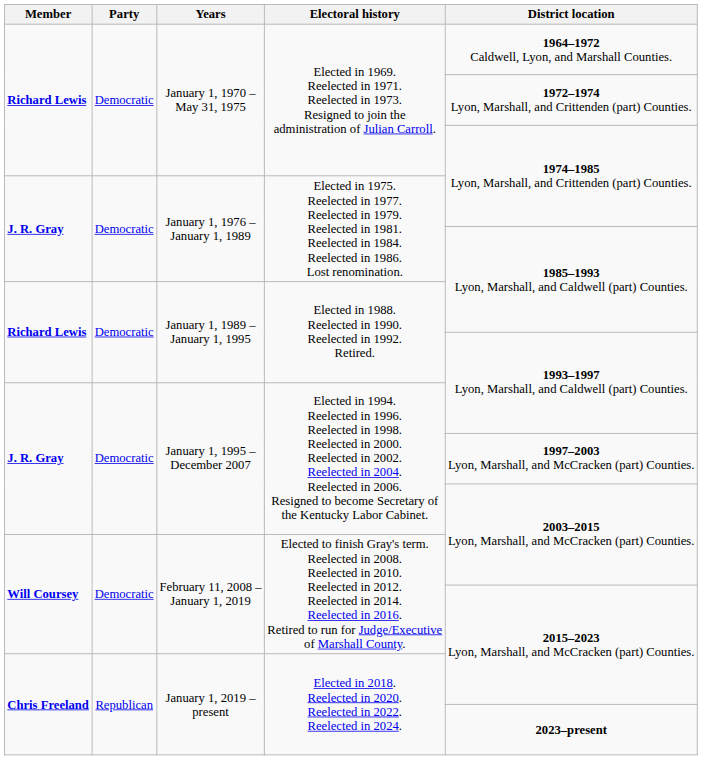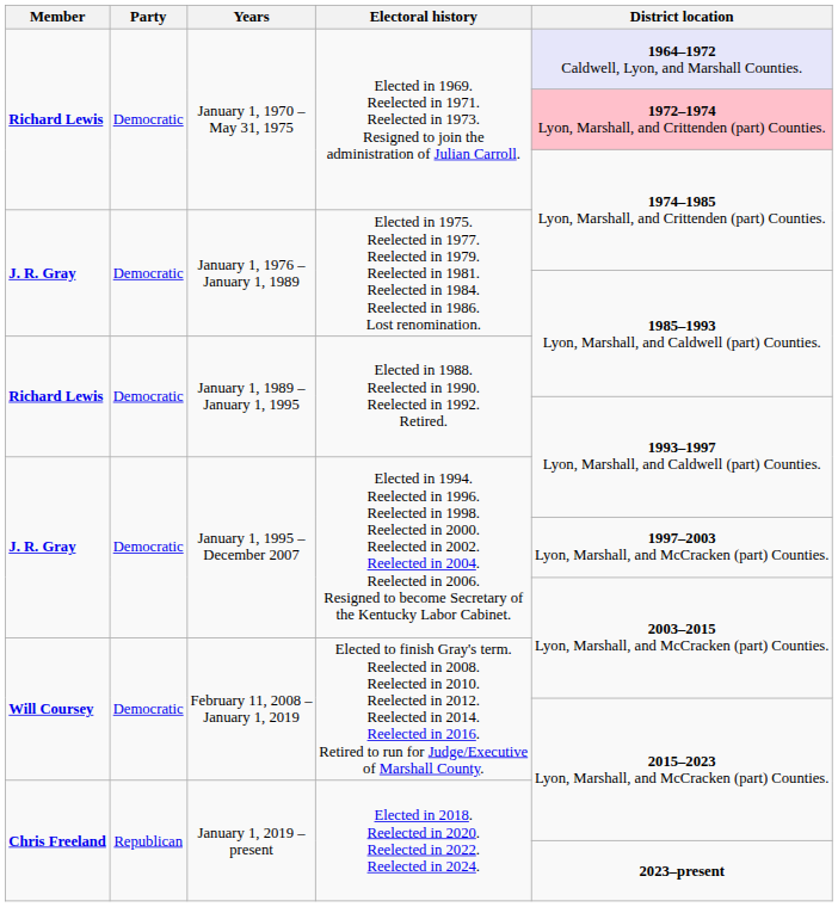 <table class=wikitable style="text-align:center">
 <tr>
 <th>Member</th>
 <th>Party</th>
 <th>Years</th>
 <th>Electoral history</th>
 <th>District location</th>
 </tr>
 <tr style="height:4em">
 <td rowspan=3 align=left><strong><a href='#'>Richard Lewis</a></strong><br></td>
 <td rowspan=3 ><a href='#'>Democratic</a></td>
 <td rowspan=3 nowrap>January 1, 1970 –<br>May 31, 1975</td>
 <td rowspan=3>Elected in 1969.<br>Reelected in 1971.<br>Reelected in 1973.<br>Resigned to join the<br>administration of <a href='#'>Julian Carroll</a>.</td>
-<td><strong>1964–1972</strong><br>Caldwell, Lyon, and Marshall Counties.</td>
+<td style="background: lavender;"><strong>1964–1972</strong><br>Caldwell, Lyon, and Marshall Counties.</td>
 </tr>
 <tr style="height:4em">
-<td><strong>1972–1974</strong><br>Lyon, Marshall, and Crittenden (part) Counties.</td>
+<td style="background: pink;"><strong>1972–1974</strong><br>Lyon, Marshall, and Crittenden (part) Counties.</td>
 </tr>
 <tr style="height:4em">
 <td rowspan=2><strong>1974–1985</strong><br>Lyon, Marshall, and Crittenden (part) Counties.</td>
 </tr>
 <tr style="height:4em">
 <td rowspan=2 align=left><strong><a href='#'>J. R. Gray</a></strong><br></td>
 <td rowspan=2 ><a href='#'>Democratic</a></td>
 <td rowspan=2 nowrap>January 1, 1976 –<br>January 1, 1989</td>
 <td rowspan=2>Elected in 1975.<br>Reelected in 1977.<br>Reelected in 1979.<br>Reelected in 1981.<br>Reelected in 1984.<br>Reelected in 1986.<br>Lost renomination.</td>
 </tr>
 <tr style="height:4em">
 <td rowspan=2><strong>1985–1993</strong><br>Lyon, Marshall, and Caldwell (part) Counties.</td>
 </tr>
 <tr style="height:4em">
 <td rowspan=2 align=left><strong><a href='#'>Richard Lewis</a></strong><br></td>
 <td rowspan=2 ><a href='#'>Democratic</a></td>
 <td rowspan=2 nowrap>January 1, 1989 –<br>January 1, 1995</td>
 <td rowspan=2>Elected in 1988.<br>Reelected in 1990.<br>Reelected in 1992.<br>Retired.</td>
 </tr>
 <tr style="height:4em">
 <td rowspan=2><strong>1993–1997</strong><br>Lyon, Marshall, and Caldwell (part) Counties.</td>
 </tr>
 <tr style="height:4em">
 <td rowspan=3 align=left><strong><a href='#'>J. R. Gray</a></strong><br></td>
 <td rowspan=3 ><a href='#'>Democratic</a></td>
 <td rowspan=3 nowrap>January 1, 1995 –<br>December 2007</td>
 <td rowspan=3>Elected in 1994.<br>Reelected in 1996.<br>Reelected in 1998.<br>Reelected in 2000.<br>Reelected in 2002.<br><a href='#'>Reelected in 2004</a>.<br>Reelected in 2006.<br>Resigned to become Secretary of<br>the Kentucky Labor Cabinet.</td>
 </tr>
 <tr style="height:4em">
 <td><strong>1997–2003</strong><br>Lyon, Marshall, and McCracken (part) Counties.</td>
 </tr>
 <tr style="height:4em">
 <td rowspan=2><strong>2003–2015</strong><br>Lyon, Marshall, and McCracken (part) Counties.</td>
 </tr>
 <tr style="height:4em">
 <td rowspan=2 align=left><strong><a href='#'>Will Coursey</a></strong><br></td>
 <td rowspan=2 ><a href='#'>Democratic</a></td>
 <td rowspan=2 nowrap>February 11, 2008 –<br>January 1, 2019</td>
 <td rowspan=2>Elected to finish Gray's term.<br>Reelected in 2008.<br>Reelected in 2010.<br>Reelected in 2012.<br>Reelected in 2014.<br><a href='#'>Reelected in 2016</a>.<br>Retired to run for <a href='#'>Judge/Executive</a><br>of <a href='#'>Marshall County</a>.</td>
 </tr>
 <tr style="height:4em">
 <td rowspan=2><strong>2015–2023</strong><br>Lyon, Marshall, and McCracken (part) Counties.</td>
 </tr>
 <tr style="height:4em">
 <td rowspan=2 align=left><strong><a href='#'>Chris Freeland</a></strong><br></td>
 <td rowspan=2 ><a href='#'>Republican</a></td>
 <td rowspan=2 nowrap>January 1, 2019 –<br>present</td>
 <td rowspan=2><a href='#'>Elected in 2018</a>.<br><a href='#'>Reelected in 2020</a>.<br><a href='#'>Reelected in 2022</a>.<br><a href='#'>Reelected in 2024</a>.</td>
 </tr>
 <tr style="height:4em">
 <td><strong>2023–present</strong><br></td>
 </tr>
 </table>
